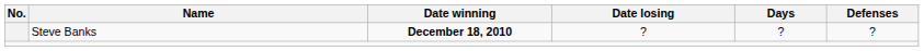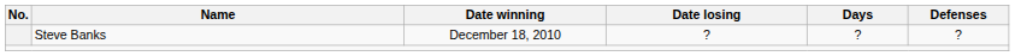 <table class="wikitable" style="width:100%;">
 <tr>
 <th style="width:1%;">No.</th>
 <th style="width:37%;">Name</th>
 <th style="width:20%;">Date winning</th>
 <th style="width:20%;">Date losing</th>
 <th data-sort-type="number" style="width:10%;">Days</th>
 <th data-sort-type="number" style="width:10%;">Defenses</th>
 </tr>
 <tr align=center>
 <th></th>
 <td align=left> Steve Banks</td>
-<td><strong>December 18, 2010</strong></td>
+<td>December 18, 2010</td>
 <td>?</td>
 <td>?</td>
 <td>?</td>
 </tr>
 <tr>
 <td colspan="6"></td>
 </tr>
 </table>
